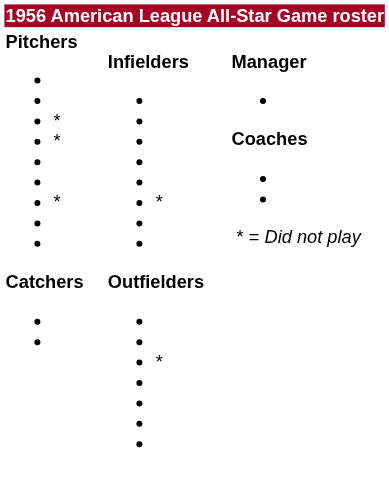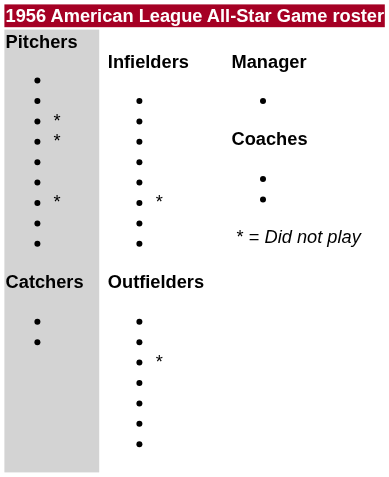 <table class="toccolours" style="font-size: 95%;">
 <tr>
 <th colspan=10 style="background-color: #A50024; color: #FFFFFF; text-align: center;">1956 American League All-Star Game roster</th>
 </tr>
 <tr>
-<td valign="top"><strong>Pitchers</strong><br><ul><li></li><li></li><li> *</li><li> *</li><li></li><li></li><li> *</li><li></li><li></li></ul><strong>Catchers</strong><ul><li></li><li></li></ul></td>
+<td valign="top" style="background: lightgrey;"><strong>Pitchers</strong><br><ul><li></li><li></li><li> *</li><li> *</li><li></li><li></li><li> *</li><li></li><li></li></ul><strong>Catchers</strong><ul><li></li><li></li></ul></td>
 <td width="px"></td>
 <td valign="top"><br><strong>Infielders</strong><ul><li></li><li></li><li></li><li></li><li></li><li> *</li><li></li><li></li></ul><strong>Outfielders</strong><ul><li></li><li></li><li> *</li><li></li><li></li><li></li><li></li></ul></td>
 <td width="px"></td>
 <td valign="top"><br><strong>Manager</strong><ul><li></li></ul><strong>Coaches</strong><ul><li></li><li></li></ul> * = <em>Did not play</em></td>
 </tr>
 <tr>
 </tr>
 </table>
